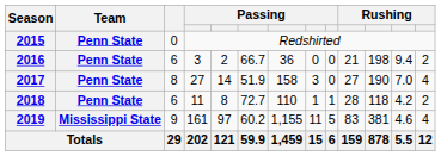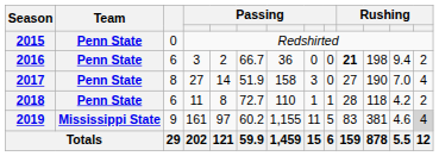 <table class="wikitable" style="text-align: center;">
 <tr>
 <th rowspan="2">Season</th>
 <th rowspan="2">Team</th>
 <th rowspan="2"></th>
 <th colspan="6">Passing</th>
 <th colspan="4">Rushing</th>
 </tr>
 <tr>
 <th></th>
 <th></th>
 <th></th>
 <th></th>
 <th></th>
 <th></th>
 <th></th>
 <th></th>
 <th></th>
 <th></th>
 </tr>
 <tr>
 <th><a href='#'>2015</a></th>
 <th><a href='#'>Penn State</a></th>
 <td>0</td>
 <td colspan="10"><em>Redshirted</em></td>
 </tr>
 <tr>
 <th><a href='#'>2016</a></th>
 <th><a href='#'>Penn State</a></th>
 <td>6</td>
 <td>3</td>
 <td>2</td>
 <td>66.7</td>
 <td>36</td>
 <td>0</td>
 <td>0</td>
-<td>21</td>
+<td><strong>21</strong></td>
 <td>198</td>
 <td>9.4</td>
 <td>2</td>
 </tr>
 <tr>
 <th><a href='#'>2017</a></th>
 <th><a href='#'>Penn State</a></th>
 <td>8</td>
 <td>27</td>
 <td>14</td>
 <td>51.9</td>
 <td>158</td>
 <td>3</td>
 <td>0</td>
 <td>27</td>
 <td>190</td>
 <td>7.0</td>
 <td>4</td>
 </tr>
 <tr>
 <th><a href='#'>2018</a></th>
 <th><a href='#'>Penn State</a></th>
 <td>6</td>
 <td>11</td>
 <td>8</td>
 <td>72.7</td>
 <td>110</td>
 <td>1</td>
 <td>1</td>
 <td>28</td>
 <td>118</td>
 <td>4.2</td>
 <td>2</td>
 </tr>
 <tr>
 <th><a href='#'>2019</a></th>
 <th><a href='#'>Mississippi State</a></th>
 <td>9</td>
 <td>161</td>
 <td>97</td>
 <td>60.2</td>
 <td>1,155</td>
 <td>11</td>
 <td>5</td>
 <td>83</td>
 <td>381</td>
 <td>4.6</td>
-<td>4</td>
+<td style="background: lightgrey;">4</td>
 </tr>
 <tr>
 <th colspan="2">Totals</th>
 <th>29</th>
 <th>202</th>
 <th>121</th>
 <th>59.9</th>
 <th>1,459</th>
 <th>15</th>
 <th>6</th>
 <th>159</th>
 <th>878</th>
 <th>5.5</th>
 <th>12</th>
 </tr>
 </table>
